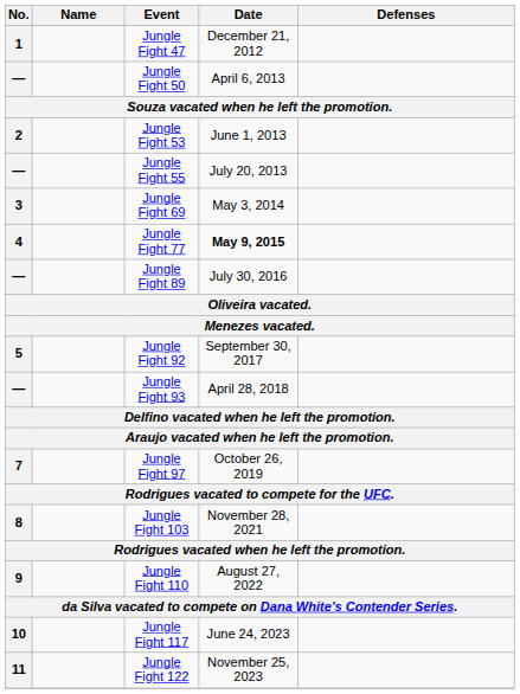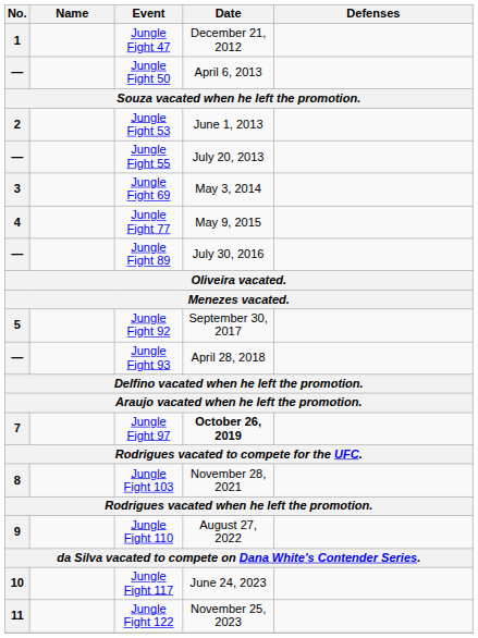 <table class="wikitable" width=100%>
 <tr>
 <th width=1%>No.</th>
 <th width=19%>Name</th>
 <th width=15%>Event</th>
 <th width=20%>Date</th>
 <th width=45%>Defenses</th>
 </tr>
 <tr>
 <th>1</th>
 <td align=left><br></td>
 <td align=center><a href='#'>Jungle Fight 47</a> <br></td>
 <td align=center>December 21, 2012</td>
 <td></td>
 </tr>
 <tr>
 <th>—</th>
 <td align=left><br></td>
 <td align=center><a href='#'>Jungle Fight 50</a> <br></td>
 <td align=center>April 6, 2013</td>
 <td></td>
 </tr>
 <tr>
 <th colspan=6 align=center><em>Souza vacated when he left the promotion.</em></th>
 </tr>
 <tr>
 <th>2</th>
 <td align=left></td>
 <td align=center><a href='#'>Jungle Fight 53</a><br></td>
 <td align=center>June 1, 2013</td>
 <td></td>
 </tr>
 <tr>
 <th>—</th>
 <td align=left><br></td>
 <td align=center><a href='#'>Jungle Fight 55</a> <br></td>
 <td align=center>July 20, 2013</td>
 <td></td>
 </tr>
 <tr>
 <th>3</th>
 <td align=left></td>
 <td align=center><a href='#'>Jungle Fight 69</a><br></td>
 <td align=center>May 3, 2014</td>
 <td></td>
 </tr>
 <tr>
 <th>4</th>
 <td align=left></td>
 <td align=center><a href='#'>Jungle Fight 77</a><br></td>
-<td align=center><strong>May 9, 2015</strong></td>
+<td align=center>May 9, 2015</td>
 <td></td>
 </tr>
 <tr>
 <th>—</th>
 <td align=left><br></td>
 <td align=center><a href='#'>Jungle Fight 89</a> <br></td>
 <td align=center>July 30, 2016</td>
 <td></td>
 </tr>
 <tr>
 <th colspan=6 align=center><em>Oliveira vacated.</em></th>
 </tr>
 <tr>
 <th colspan=6 align=center><em>Menezes vacated.</em></th>
 </tr>
 <tr>
 <th>5</th>
 <td align=left><br></td>
 <td align=center><a href='#'>Jungle Fight 92</a> <br></td>
 <td align=center>September 30, 2017</td>
 <td></td>
 </tr>
 <tr>
 <th>—</th>
 <td align=left><br></td>
 <td align=center><a href='#'>Jungle Fight 93</a> <br></td>
 <td align=center>April 28, 2018</td>
 <td></td>
 </tr>
 <tr>
 <th colspan=6 align=center><em>Delfino vacated when he left the promotion.</em></th>
 </tr>
 <tr>
 <th colspan=6 align=center><em>Araujo vacated when he left the promotion.</em></th>
 </tr>
 <tr>
 <th>7</th>
 <td align=left><br></td>
 <td align=center><a href='#'>Jungle Fight 97</a> <br></td>
-<td align=center>October 26, 2019</td>
+<td align=center><strong>October 26, 2019</strong></td>
 <td></td>
 </tr>
 <tr>
 <th colspan=6 align=center><em>Rodrigues vacated to compete for the <a href='#'>UFC</a>.</em></th>
 </tr>
 <tr>
 <th>8</th>
 <td align=left><br></td>
 <td align=center><a href='#'>Jungle Fight 103</a> <br></td>
 <td align=center>November 28, 2021</td>
 <td></td>
 </tr>
 <tr>
 <th colspan=6 align=center><em>Rodrigues vacated when he left the promotion.</em></th>
 </tr>
 <tr>
 <th>9</th>
 <td align=left><br></td>
 <td align=center><a href='#'>Jungle Fight 110</a> <br></td>
 <td align=center>August 27, 2022</td>
 <td></td>
 </tr>
 <tr>
 <th colspan=6 align=center><em>da Silva vacated to compete on <a href='#'>Dana White's Contender Series</a>.</em></th>
 </tr>
 <tr>
 <th>10</th>
 <td align=left><br></td>
 <td align=center><a href='#'>Jungle Fight 117</a> <br></td>
 <td align=center>June 24, 2023</td>
 <td></td>
 </tr>
 <tr>
 <th>11</th>
 <td align=left></td>
 <td align=center><a href='#'>Jungle Fight 122</a> <br></td>
 <td align=center>November 25, 2023</td>
 <td></td>
 </tr>
 <tr>
 </tr>
 </table>
